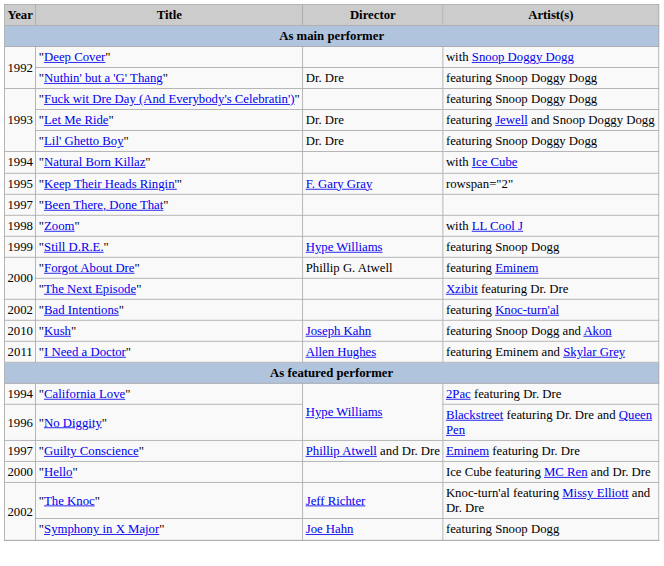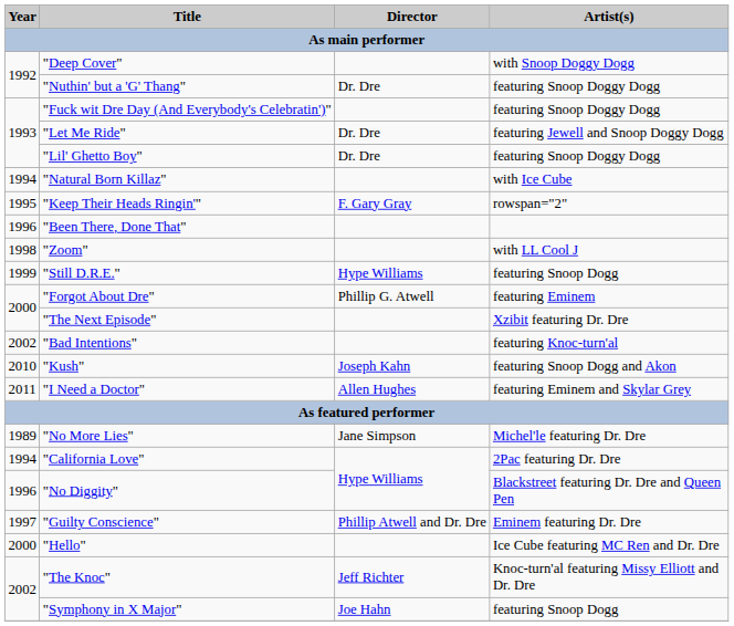 <table class="wikitable" style="font-size:95%">
 <tr>
 <th style="background:#ccc;">Year</th>
 <th style="background:#ccc;">Title</th>
 <th style="background:#ccc;">Director</th>
 <th style="background:#ccc;width:250px">Artist(s)</th>
 </tr>
 <tr style="text-align:center;">
 <th colspan="4" style="background:#B0C4DE;">As main performer</th>
 </tr>
 <tr>
 <td rowspan="2" style="text-align:center;">1992</td>
 <td>"<a href='#'>Deep Cover</a>"</td>
 <td></td>
 <td>with <a href='#'>Snoop Doggy Dogg</a></td>
 </tr>
 <tr>
 <td>"<a href='#'>Nuthin' but a 'G' Thang</a>"</td>
 <td>Dr. Dre</td>
 <td>featuring Snoop Doggy Dogg</td>
 </tr>
 <tr>
 <td rowspan="3" style="text-align:center;">1993</td>
 <td>"<a href='#'>Fuck wit Dre Day (And Everybody's Celebratin')</a>"</td>
 <td></td>
 <td>featuring Snoop Doggy Dogg</td>
 </tr>
 <tr>
 <td>"<a href='#'>Let Me Ride</a>"</td>
 <td>Dr. Dre</td>
 <td>featuring <a href='#'>Jewell</a> and Snoop Doggy Dogg</td>
 </tr>
 <tr>
 <td>"<a href='#'>Lil' Ghetto Boy</a>"</td>
 <td>Dr. Dre</td>
 <td>featuring Snoop Doggy Dogg</td>
 </tr>
 <tr>
 <td style="text-align:center;">1994</td>
 <td>"<a href='#'>Natural Born Killaz</a>"</td>
 <td></td>
 <td>with <a href='#'>Ice Cube</a></td>
 </tr>
 <tr>
 <td style="text-align:center;">1995</td>
 <td>"<a href='#'>Keep Their Heads Ringin'</a>"</td>
 <td><a href='#'>F. Gary Gray</a></td>
 <td>rowspan="2" </td>
 </tr>
 <tr>
-<td style="text-align:center;">1997</td>
+<td style="text-align:center;">1996</td>
 <td>"<a href='#'>Been There, Done That</a>"</td>
 <td></td>
 </tr>
 <tr>
 <td style="text-align:center;">1998</td>
 <td>"<a href='#'>Zoom</a>"</td>
 <td></td>
 <td>with <a href='#'>LL Cool J</a></td>
 </tr>
 <tr>
 <td style="text-align:center;">1999</td>
 <td>"<a href='#'>Still D.R.E.</a>"</td>
 <td><a href='#'>Hype Williams</a></td>
 <td>featuring Snoop Dogg</td>
 </tr>
 <tr>
 <td rowspan="2" style="text-align:center;">2000</td>
 <td>"<a href='#'>Forgot About Dre</a>"</td>
 <td>Phillip G. Atwell</td>
 <td>featuring <a href='#'>Eminem</a></td>
 </tr>
 <tr>
 <td>"<a href='#'>The Next Episode</a>"</td>
 <td></td>
 <td><a href='#'>Xzibit</a> featuring Dr. Dre</td>
 </tr>
 <tr>
 <td style="text-align:center;">2002</td>
 <td>"<a href='#'>Bad Intentions</a>"</td>
 <td></td>
 <td>featuring <a href='#'>Knoc-turn'al</a></td>
 </tr>
 <tr>
 <td style="text-align:center;">2010</td>
 <td>"<a href='#'>Kush</a>"</td>
 <td><a href='#'>Joseph Kahn</a></td>
 <td>featuring Snoop Dogg and <a href='#'>Akon</a></td>
 </tr>
 <tr>
 <td style="text-align:center;">2011</td>
 <td>"<a href='#'>I Need a Doctor</a>"</td>
 <td><a href='#'>Allen Hughes</a></td>
 <td>featuring Eminem and <a href='#'>Skylar Grey</a></td>
 </tr>
 <tr>
 <th colspan="4" style="background:#B0C4DE;">As featured performer</th>
 </tr>
 <tr>
+<td>1989</td>
+<td>"<a href='#'>No More Lies</a>"</td>
+<td>Jane Simpson</td>
+<td><a href='#'>Michel'le</a> featuring Dr. Dre</td>
+</tr>
+<tr>
 <td style="text-align:center;">1994</td>
 <td>"<a href='#'>California Love</a>"</td>
 <td rowspan="2"><a href='#'>Hype Williams</a></td>
 <td><a href='#'>2Pac</a> featuring Dr. Dre</td>
 </tr>
 <tr>
 <td style="text-align:center;">1996</td>
 <td>"<a href='#'>No Diggity</a>"</td>
 <td><a href='#'>Blackstreet</a> featuring Dr. Dre and <a href='#'>Queen Pen</a></td>
 </tr>
 <tr>
 <td style="text-align:center;">1997</td>
 <td>"<a href='#'>Guilty Conscience</a>"</td>
 <td><a href='#'>Phillip Atwell</a> and Dr. Dre</td>
 <td><a href='#'>Eminem</a> featuring Dr. Dre</td>
 </tr>
 <tr>
 <td style="text-align:center;">2000</td>
 <td>"<a href='#'>Hello</a>"</td>
 <td></td>
 <td>Ice Cube featuring <a href='#'>MC Ren</a> and Dr. Dre</td>
 </tr>
 <tr>
 <td rowspan="2" style="text-align:center;">2002</td>
 <td>"<a href='#'>The Knoc</a>"</td>
 <td><a href='#'>Jeff Richter</a></td>
 <td>Knoc-turn'al featuring <a href='#'>Missy Elliott</a> and Dr. Dre</td>
 </tr>
 <tr>
 <td>"<a href='#'>Symphony in X Major</a>"</td>
 <td><a href='#'>Joe Hahn</a></td>
 <td>featuring Snoop Dogg</td>
 </tr>
 <tr>
 </tr>
 </table>
